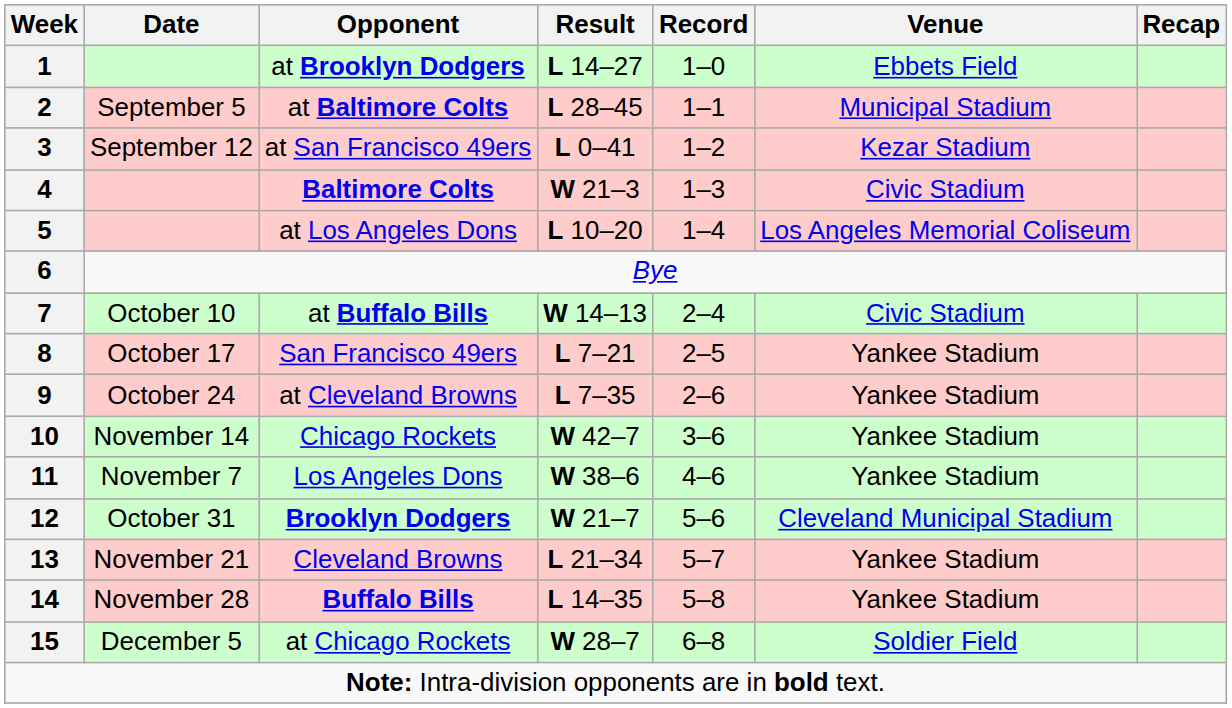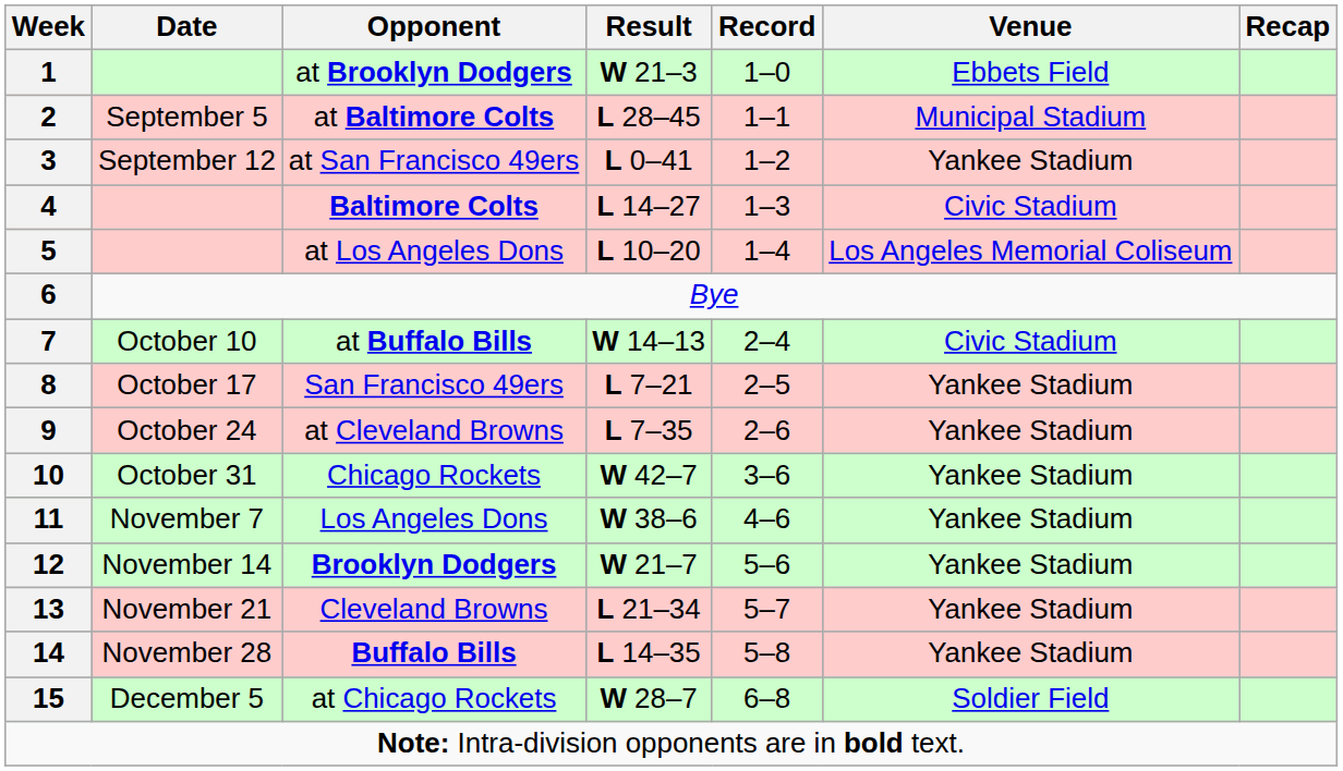 <table class="wikitable" style="text-align:center">
 <tr>
 <th>Week</th>
 <th>Date</th>
 <th>Opponent</th>
 <th>Result</th>
 <th>Record</th>
 <th>Venue</th>
 <th>Recap</th>
 </tr>
 <tr style="background: #cfc;">
 <th>1</th>
 <td></td>
 <td>at <strong><a href='#'>Brooklyn Dodgers</a></strong></td>
-<td><strong>L</strong> 14–27</td>
+<td><strong>W</strong> 21–3</td>
 <td>1–0</td>
 <td><a href='#'>Ebbets Field</a></td>
 <td></td>
 </tr>
 <tr style="background: #fcc;">
 <th>2</th>
 <td>September 5</td>
 <td>at <strong><a href='#'>Baltimore Colts</a></strong></td>
 <td><strong>L</strong> 28–45</td>
 <td>1–1</td>
 <td><a href='#'>Municipal Stadium</a></td>
 <td></td>
 </tr>
 <tr style="background: #fcc;">
 <th>3</th>
 <td>September 12</td>
 <td>at <a href='#'>San Francisco 49ers</a></td>
 <td><strong>L</strong> 0–41</td>
 <td>1–2</td>
-<td><a href='#'>Kezar Stadium</a></td>
+<td>Yankee Stadium</td>
 <td></td>
 </tr>
 <tr style="background: #fcc;">
 <th>4</th>
 <td></td>
 <td><strong><a href='#'>Baltimore Colts</a></strong></td>
-<td><strong>W</strong> 21–3</td>
+<td><strong>L</strong> 14–27</td>
 <td>1–3</td>
 <td><a href='#'>Civic Stadium</a></td>
 <td></td>
 </tr>
 <tr style="background: #fcc;">
 <th>5</th>
 <td></td>
 <td>at <a href='#'>Los Angeles Dons</a></td>
 <td><strong>L</strong> 10–20</td>
 <td>1–4</td>
 <td><a href='#'>Los Angeles Memorial Coliseum</a></td>
 <td></td>
 </tr>
 <tr>
 <th>6</th>
 <td colspan="6"><em><a href='#'>Bye</a></em></td>
 </tr>
 <tr style="background: #cfc;">
 <th>7</th>
 <td>October 10</td>
 <td>at <strong><a href='#'>Buffalo Bills</a></strong></td>
 <td><strong>W</strong> 14–13</td>
 <td>2–4</td>
 <td><a href='#'>Civic Stadium</a></td>
 <td></td>
 </tr>
 <tr style="background: #fcc;">
 <th>8</th>
 <td>October 17</td>
 <td><a href='#'>San Francisco 49ers</a></td>
 <td><strong>L</strong> 7–21</td>
 <td>2–5</td>
 <td>Yankee Stadium</td>
 <td></td>
 </tr>
 <tr style="background: #fcc;">
 <th>9</th>
 <td>October 24</td>
 <td>at <a href='#'>Cleveland Browns</a></td>
 <td><strong>L</strong> 7–35</td>
 <td>2–6</td>
 <td>Yankee Stadium</td>
 <td></td>
 </tr>
 <tr style="background: #cfc;">
 <th>10</th>
-<td>November 14</td>
+<td>October 31</td>
 <td><a href='#'>Chicago Rockets</a></td>
 <td><strong>W</strong> 42–7</td>
 <td>3–6</td>
 <td>Yankee Stadium</td>
 <td></td>
 </tr>
 <tr style="background: #cfc;">
 <th>11</th>
 <td>November 7</td>
 <td><a href='#'>Los Angeles Dons</a></td>
 <td><strong>W</strong> 38–6</td>
 <td>4–6</td>
 <td>Yankee Stadium</td>
 <td></td>
 </tr>
 <tr style="background: #cfc;">
 <th>12</th>
-<td>October 31</td>
+<td>November 14</td>
 <td><strong><a href='#'>Brooklyn Dodgers</a></strong></td>
 <td><strong>W</strong> 21–7</td>
 <td>5–6</td>
-<td><a href='#'>Cleveland Municipal Stadium</a></td>
+<td>Yankee Stadium</td>
 <td></td>
 </tr>
 <tr style="background: #fcc;">
 <th>13</th>
 <td>November 21</td>
 <td><a href='#'>Cleveland Browns</a></td>
 <td><strong>L</strong> 21–34</td>
 <td>5–7</td>
 <td>Yankee Stadium</td>
 <td></td>
 </tr>
 <tr style="background: #fcc;">
 <th>14</th>
 <td>November 28</td>
 <td><strong><a href='#'>Buffalo Bills</a></strong></td>
 <td><strong>L</strong> 14–35</td>
 <td>5–8</td>
 <td>Yankee Stadium</td>
 <td></td>
 </tr>
 <tr style="background: #cfc;">
 <th>15</th>
 <td>December 5</td>
 <td>at <a href='#'>Chicago Rockets</a></td>
 <td><strong>W</strong> 28–7</td>
 <td>6–8</td>
 <td><a href='#'>Soldier Field</a></td>
 <td></td>
 </tr>
 <tr>
 <td colspan="8"><strong>Note:</strong> Intra-division opponents are in <strong>bold</strong> text.</td>
 </tr>
 </table>
